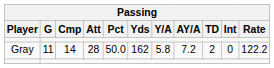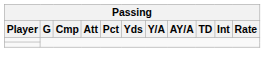 <table class="wikitable" style="text-align:center">
 <tr>
 <th colspan="11">Passing</th>
 </tr>
 <tr>
 <th>Player</th>
 <th>G</th>
 <th>Cmp</th>
 <th>Att</th>
 <th>Pct</th>
 <th>Yds</th>
 <th>Y/A</th>
 <th>AY/A</th>
 <th>TD</th>
 <th>Int</th>
 <th>Rate</th>
 </tr>
 <tr>
 <td></td>
 </tr>
 <tr>
-<td>Gray</td>
-<td>11</td>
-<td>14</td>
-<td>28</td>
-<td>50.0</td>
-<td>162</td>
-<td>5.8</td>
-<td>7.2</td>
-<td>2</td>
-<td>0</td>
-<td>122.2</td>
-</tr>
-<tr>
 <td></td>
 </tr>
 </table>
